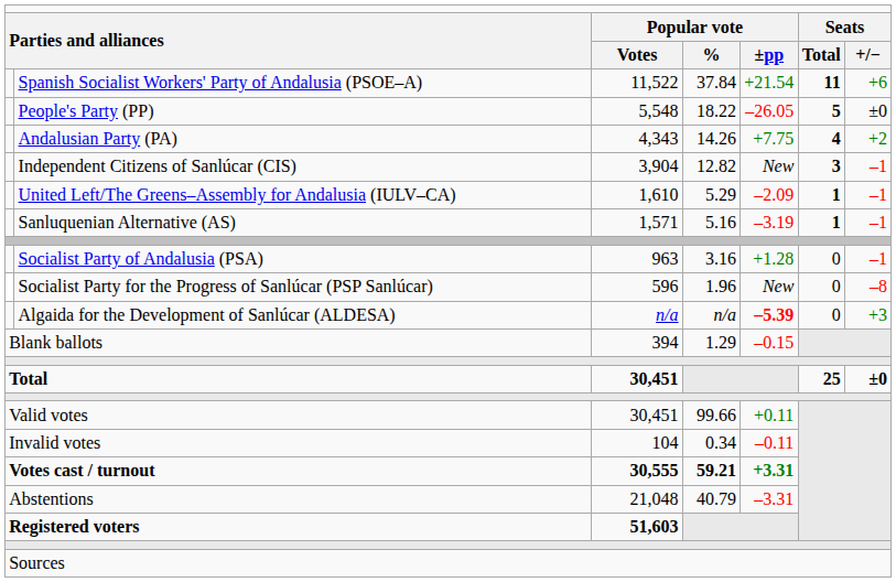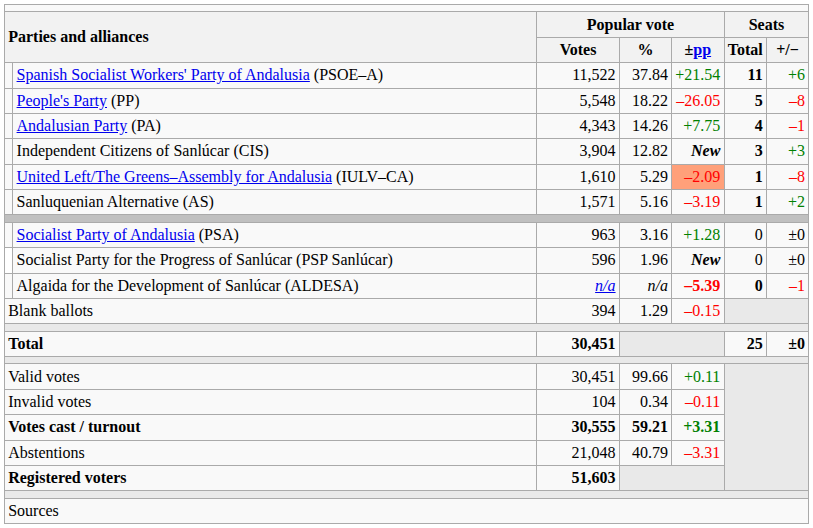 <table class="wikitable" style="text-align:right;">
 <tr>
 <td colspan="7"></td>
 </tr>
 <tr>
 <th style="text-align:left;" rowspan="2" colspan="2" width="525">Parties and alliances</th>
 <th colspan="3">Popular vote</th>
 <th colspan="2">Seats</th>
 </tr>
 <tr>
 <th width="75">Votes</th>
 <th width="45">%</th>
 <th width="45">±<a href='#'>pp</a></th>
 <th width="35">Total</th>
 <th width="35">+/−</th>
 </tr>
 <tr>
 <td width="1" style="color:inherit;background:"></td>
 <td align="left"><a href='#'>Spanish Socialist Workers' Party of Andalusia</a> (PSOE–A)</td>
 <td>11,522</td>
 <td>37.84</td>
 <td style="color:green;">+21.54</td>
 <td><strong>11</strong></td>
 <td style="color:green;">+6</td>
 </tr>
 <tr>
 <td style="color:inherit;background:"></td>
 <td align="left"><a href='#'>People's Party</a> (PP)</td>
 <td>5,548</td>
 <td>18.22</td>
 <td style="color:red;">–26.05</td>
 <td><strong>5</strong></td>
-<td>±0</td>
+<td style="color:red;">–8</td>
 </tr>
 <tr>
 <td style="color:inherit;background:"></td>
 <td align="left"><a href='#'>Andalusian Party</a> (PA)</td>
 <td>4,343</td>
 <td>14.26</td>
 <td style="color:green;">+7.75</td>
 <td><strong>4</strong></td>
-<td style="color:green;">+2</td>
+<td style="color:red;">–1</td>
 </tr>
 <tr>
 <td style="color:inherit;background:"></td>
 <td align="left">Independent Citizens of Sanlúcar (CIS)</td>
 <td>3,904</td>
 <td>12.82</td>
-<td><em>New</em></td>
+<td><strong><em>New</em></strong></td>
 <td><strong>3</strong></td>
-<td style="color:red;">–1</td>
+<td style="color:green;">+3</td>
 </tr>
 <tr>
 <td style="color:inherit;background:"></td>
 <td align="left"><a href='#'>United Left/The Greens–Assembly for Andalusia</a> (IULV–CA)</td>
 <td>1,610</td>
 <td>5.29</td>
-<td style="color:red;">–2.09</td>
+<td style="background: lightsalmon; color:red;">–2.09</td>
 <td><strong>1</strong></td>
-<td style="color:red;">–1</td>
+<td style="color:red;">–8</td>
 </tr>
 <tr>
 <td style="color:inherit;background:"></td>
 <td align="left">Sanluquenian Alternative (AS)</td>
 <td>1,571</td>
 <td>5.16</td>
 <td style="color:red;">–3.19</td>
 <td><strong>1</strong></td>
-<td style="color:red;">–1</td>
+<td style="color:green;">+2</td>
 </tr>
 <tr>
 <td colspan="7" bgcolor="#C0C0C0"></td>
 </tr>
 <tr>
 <td style="color:inherit;background:"></td>
 <td align="left"><a href='#'>Socialist Party of Andalusia</a> (PSA)</td>
 <td>963</td>
 <td>3.16</td>
 <td style="color:green;">+1.28</td>
 <td>0</td>
-<td style="color:red;">–1</td>
+<td>±0</td>
 </tr>
 <tr>
 <td bgcolor="white"></td>
 <td align="left">Socialist Party for the Progress of Sanlúcar (PSP Sanlúcar)</td>
 <td>596</td>
 <td>1.96</td>
-<td><em>New</em></td>
+<td><strong><em>New</em></strong></td>
 <td>0</td>
-<td style="color:red;">–8</td>
+<td>±0</td>
 </tr>
 <tr>
 <td style="color:inherit;background:"></td>
 <td align="left">Algaida for the Development of Sanlúcar (ALDESA)</td>
 <td><em><a href='#'>n/a</a></em></td>
 <td><em>n/a</em></td>
 <td style="color:red;"><strong>–5.39</strong></td>
-<td>0</td>
-<td style="color:green;">+3</td>
+<td><strong>0</strong></td>
+<td style="color:red;">–1</td>
 </tr>
 <tr>
 <td align="left" colspan="2">Blank ballots</td>
 <td>394</td>
 <td>1.29</td>
 <td style="color:red;">–0.15</td>
 <td bgcolor="#E9E9E9" colspan="2"></td>
 </tr>
 <tr>
 <td colspan="7" bgcolor="#E9E9E9"></td>
 </tr>
 <tr style="font-weight:bold;">
 <td align="left" colspan="2">Total</td>
 <td>30,451</td>
 <td bgcolor="#E9E9E9" colspan="2"></td>
 <td>25</td>
 <td>±0</td>
 </tr>
 <tr>
 <td colspan="7" bgcolor="#E9E9E9"></td>
 </tr>
 <tr>
 <td align="left" colspan="2">Valid votes</td>
 <td>30,451</td>
 <td>99.66</td>
 <td style="color:green;">+0.11</td>
 <td bgcolor="#E9E9E9" colspan="2" rowspan="5"></td>
 </tr>
 <tr>
 <td align="left" colspan="2">Invalid votes</td>
 <td>104</td>
 <td>0.34</td>
 <td style="color:red;">–0.11</td>
 </tr>
 <tr style="font-weight:bold;">
 <td align="left" colspan="2">Votes cast / turnout</td>
 <td>30,555</td>
 <td>59.21</td>
 <td style="color:green;">+3.31</td>
 </tr>
 <tr>
 <td align="left" colspan="2">Abstentions</td>
 <td>21,048</td>
 <td>40.79</td>
 <td style="color:red;">–3.31</td>
 </tr>
 <tr style="font-weight:bold;">
 <td align="left" colspan="2">Registered voters</td>
 <td>51,603</td>
 <td bgcolor="#E9E9E9" colspan="2"></td>
 </tr>
 <tr>
 <td colspan="7" bgcolor="#E9E9E9"></td>
 </tr>
 <tr>
 <td align="left" colspan="7">Sources</td>
 </tr>
 </table>
